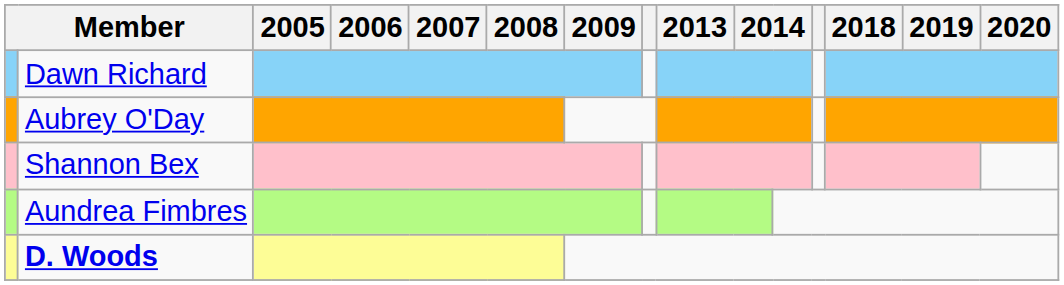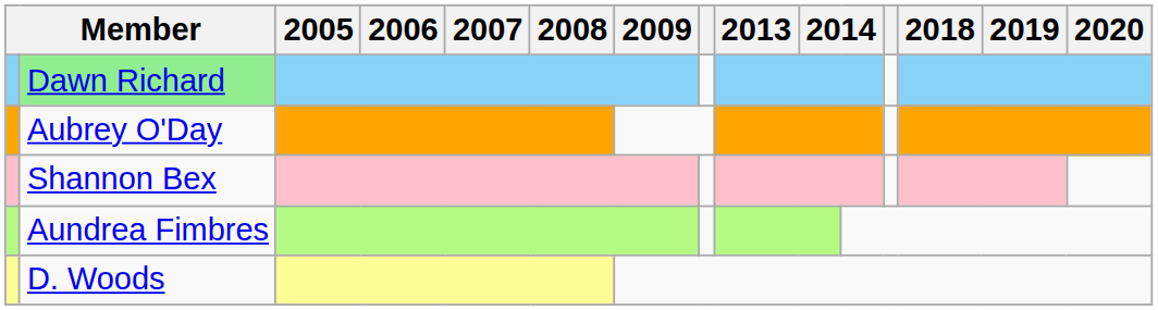 <table class="wikitable">
 <tr>
 <th colspan=2>Member</th>
 <th>2005</th>
 <th>2006</th>
 <th>2007</th>
 <th>2008</th>
 <th>2009</th>
 <th></th>
 <th>2013</th>
 <th colspan="2">2014</th>
 <th></th>
 <th>2018</th>
 <th>2019</th>
 <th>2020</th>
 </tr>
 <tr>
 <td style="background:#87D3F8;"></td>
-<td><a href='#'>Dawn Richard</a><br></td>
+<td style="background: lightgreen;"><a href='#'>Dawn Richard</a><br></td>
 <td colspan=5 style="text-align:center; background:#87D3F8"></td>
 <td></td>
 <td colspan=3 style="text-align:center; background:#87D3F8"></td>
 <td></td>
 <td colspan=4 style="text-align:center; background:#87D3F8"></td>
 </tr>
 <tr>
 <td style="background:orange"></td>
 <td><a href='#'>Aubrey O'Day</a><br></td>
 <td colspan=4 style="text-align:center; background:orange"></td>
 <td colspan="2"></td>
 <td colspan="3" style="text-align:center; background:orange"></td>
 <td></td>
 <td colspan=4 style="text-align:center; background:orange"></td>
 </tr>
 <tr>
 <td style="background:pink"></td>
 <td><a href='#'>Shannon Bex</a><br></td>
 <td colspan=5 style="text-align:center; background:pink"></td>
 <td></td>
 <td colspan=3 style="text-align:center; background:pink"></td>
 <td></td>
 <td colspan="2" style="text-align:center; background:pink"></td>
 <td colspan="2"></td>
 </tr>
 <tr>
 <td style="background:#B4FB84;"></td>
 <td><a href='#'>Aundrea Fimbres</a><br></td>
 <td colspan=5 style="text-align:center; background:#B4FB84"></td>
 <td></td>
 <td colspan=2 style="text-align:center; background:#B4FB84"></td>
 <td colspan="6"></td>
 </tr>
 <tr>
 <td style="background:#FDFD96"></td>
-<td><strong><a href='#'>D. Woods</a><br></strong></td>
+<td><a href='#'>D. Woods</a><br></td>
 <td colspan=4 style="text-align:center; background:#FDFD96;"></td>
 <td colspan="10"></td>
 </tr>
 </table>
